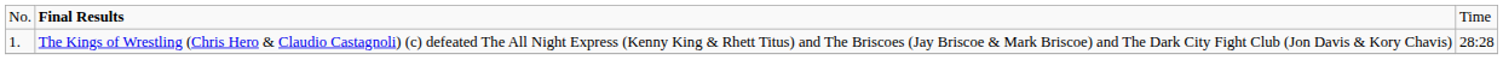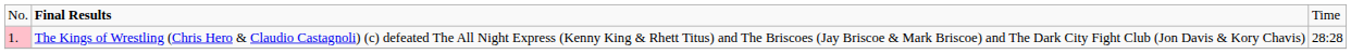 <table class="wikitable">
 <tr>
 <td>No.</td>
 <td><strong>Final Results</strong></td>
 <td>Time</td>
 </tr>
 <tr>
-<td>1.</td>
+<td style="background: pink;">1.</td>
 <td><a href='#'>The Kings of Wrestling</a> (<a href='#'>Chris Hero</a> & <a href='#'>Claudio Castagnoli</a>) (c) defeated The All Night Express (Kenny King & Rhett Titus) and The Briscoes (Jay Briscoe & Mark Briscoe) and The Dark City Fight Club (Jon Davis & Kory Chavis)</td>
 <td>28:28</td>
 </tr>
 <tr>
 </tr>
 </table>
